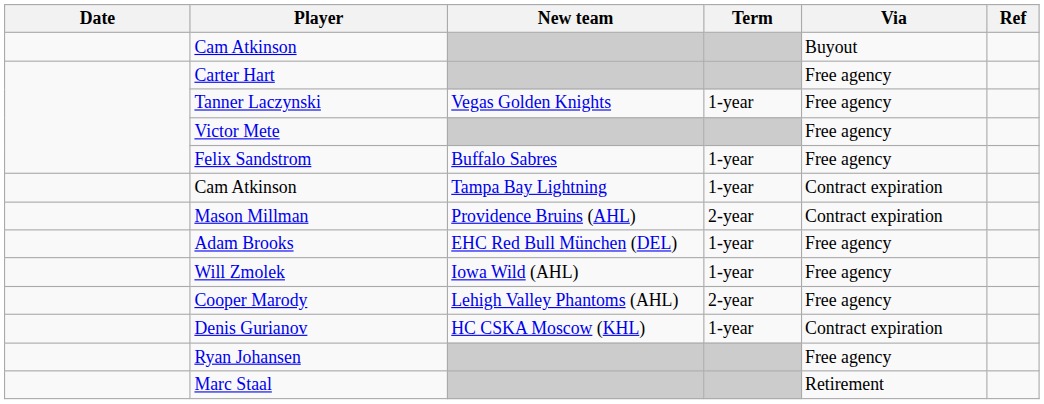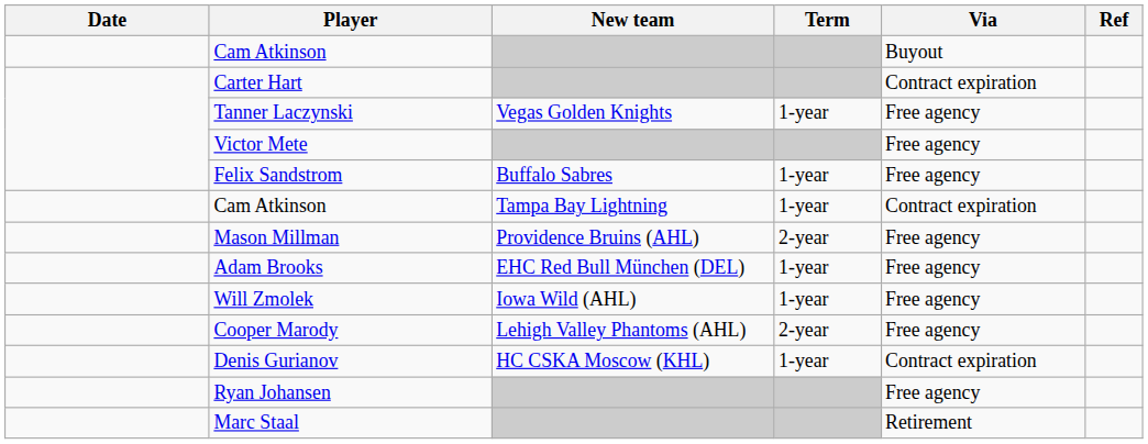 <table class="wikitable">
 <tr style="background:#ddd; text-align:center;">
 <th style="width: 10em;">Date</th>
 <th style="width: 14em;">Player</th>
 <th style="width: 14em;">New team</th>
 <th style="width: 5em;">Term</th>
 <th style="width: 10em;">Via</th>
 <th style="width: 2.5em;">Ref</th>
 </tr>
 <tr>
 <td></td>
 <td><a href='#'>Cam Atkinson</a></td>
 <td style="background:#ccc;"></td>
 <td style="background:#ccc;"></td>
 <td>Buyout</td>
 <td></td>
 </tr>
 <tr>
 <td rowspan=4></td>
 <td><a href='#'>Carter Hart</a></td>
 <td style="background:#ccc;"></td>
 <td style="background:#ccc;"></td>
-<td>Free agency</td>
+<td>Contract expiration</td>
 <td></td>
 </tr>
 <tr>
 <td><a href='#'>Tanner Laczynski</a></td>
 <td><a href='#'>Vegas Golden Knights</a></td>
 <td>1-year</td>
 <td>Free agency</td>
 <td></td>
 </tr>
 <tr>
 <td><a href='#'>Victor Mete</a></td>
 <td style="background:#ccc;"></td>
 <td style="background:#ccc;"></td>
 <td>Free agency</td>
 <td></td>
 </tr>
 <tr>
 <td><a href='#'>Felix Sandstrom</a></td>
 <td><a href='#'>Buffalo Sabres</a></td>
 <td>1-year</td>
 <td>Free agency</td>
 <td></td>
 </tr>
 <tr>
 <td></td>
 <td>Cam Atkinson</td>
 <td><a href='#'>Tampa Bay Lightning</a></td>
 <td>1-year</td>
 <td>Contract expiration</td>
 <td></td>
 </tr>
 <tr>
 <td></td>
 <td><a href='#'>Mason Millman</a></td>
 <td><a href='#'>Providence Bruins</a> (<a href='#'>AHL</a>)</td>
 <td>2-year</td>
-<td>Contract expiration</td>
+<td>Free agency</td>
 <td></td>
 </tr>
 <tr>
 <td></td>
 <td><a href='#'>Adam Brooks</a></td>
 <td><a href='#'>EHC Red Bull München</a> (<a href='#'>DEL</a>)</td>
 <td>1-year</td>
 <td>Free agency</td>
 <td></td>
 </tr>
 <tr>
 <td></td>
 <td><a href='#'>Will Zmolek</a></td>
 <td><a href='#'>Iowa Wild</a> (AHL)</td>
 <td>1-year</td>
 <td>Free agency</td>
 <td></td>
 </tr>
 <tr>
 <td></td>
 <td><a href='#'>Cooper Marody</a></td>
 <td><a href='#'>Lehigh Valley Phantoms</a> (AHL)</td>
 <td>2-year</td>
 <td>Free agency</td>
 <td></td>
 </tr>
 <tr>
 <td></td>
 <td><a href='#'>Denis Gurianov</a></td>
 <td><a href='#'>HC CSKA Moscow</a> (<a href='#'>KHL</a>)</td>
 <td>1-year</td>
 <td>Contract expiration</td>
 <td></td>
 </tr>
 <tr>
 <td></td>
 <td><a href='#'>Ryan Johansen</a></td>
 <td style="background:#ccc;"></td>
 <td style="background:#ccc;"></td>
 <td>Free agency</td>
 <td></td>
 </tr>
 <tr>
 <td></td>
 <td><a href='#'>Marc Staal</a></td>
 <td style="background:#ccc;"></td>
 <td style="background:#ccc;"></td>
 <td>Retirement</td>
 <td></td>
 </tr>
 </table>
